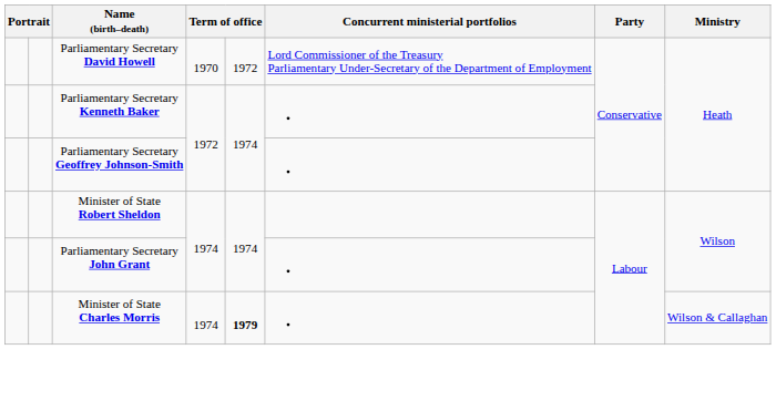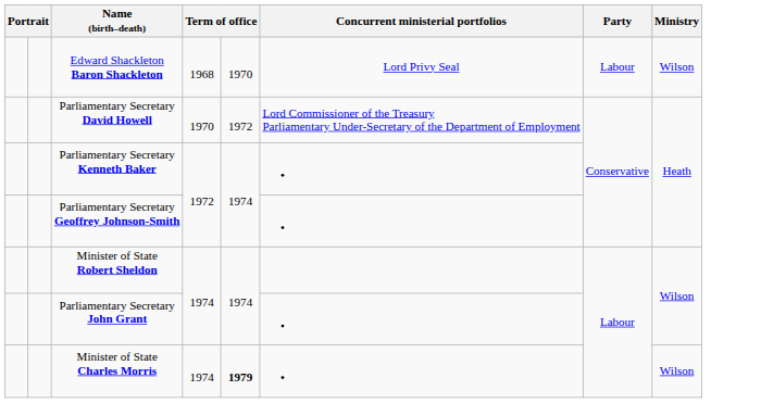 <table class="wikitable" style="text-align:center">
 <tr>
 <th colspan=2>Portrait</th>
 <th>Name<br><small>(birth–death)</small></th>
 <th colspan=2>Term of office</th>
 <th>Concurrent ministerial portfolios</th>
 <th>Party</th>
 <th>Ministry</th>
+</tr>
+<tr>
+<td style="background-color: "></td>
+<td></td>
+<td><a href='#'><br>Edward Shackleton<br><strong>Baron Shackleton</strong><br></a><br></td>
+<td><br>1968</td>
+<td><br>1970</td>
+<td><a href='#'>Lord Privy Seal</a></td>
+<td><a href='#'>Labour</a></td>
+<td><a href='#'>Wilson</a></td>
 </tr>
 <tr>
 <td style="background-color: "></td>
 <td></td>
 <td>Parliamentary Secretary<br><a href='#'><strong>David Howell</strong></a><br><br></td>
 <td><br>1970</td>
 <td><br>1972</td>
 <td style="text-align:left;"><a href='#'>Lord Commissioner of the Treasury</a> <br><a href='#'>Parliamentary Under-Secretary of the Department of Employment</a> </td>
 <td rowspan=3 ><a href='#'>Conservative</a></td>
 <td rowspan=3 ><a href='#'>Heath</a></td>
 </tr>
 <tr>
 <td style="background-color: "></td>
 <td></td>
 <td>Parliamentary Secretary<br><a href='#'><strong>Kenneth Baker</strong></a><br><br></td>
 <td rowspan=2><br>1972</td>
 <td rowspan=2><br>1974</td>
 <td style="font-size:90%; text-align:left;"><br><ul><li></li></ul></td>
 </tr>
 <tr>
 <td style="background-color: "></td>
 <td></td>
 <td>Parliamentary Secretary<br><strong><a href='#'>Geoffrey Johnson-Smith</a></strong><br><br></td>
 <td style="font-size:90%; text-align:left;"><br><ul><li></li></ul></td>
 </tr>
 <tr>
 <td style="background-color: "></td>
 <td></td>
 <td>Minister of State<br><a href='#'><strong>Robert Sheldon</strong></a><br><br></td>
 <td rowspan=2><br>1974</td>
 <td rowspan=2><br>1974</td>
 <td></td>
 <td rowspan=3 ><a href='#'>Labour</a></td>
 <td rowspan=2 ><a href='#'>Wilson</a></td>
 </tr>
 <tr>
 <td style="background-color: "></td>
 <td></td>
 <td>Parliamentary Secretary<br><a href='#'><strong>John Grant</strong></a><br><br></td>
 <td style="font-size:90%; text-align:left;"><br><ul><li></li></ul></td>
 </tr>
 <tr>
 <td style="background-color: "></td>
 <td></td>
 <td>Minister of State<br><a href='#'><strong>Charles Morris</strong></a><br><br></td>
 <td><br>1974</td>
 <td><strong><br>1979</strong></td>
 <td style="font-size:90%; text-align:left;"><br><ul><li></li></ul></td>
-<td><a href='#'>Wilson & Callaghan</a></td>
+<td><a href='#'>Wilson</a></td>
 </tr>
 </table>
